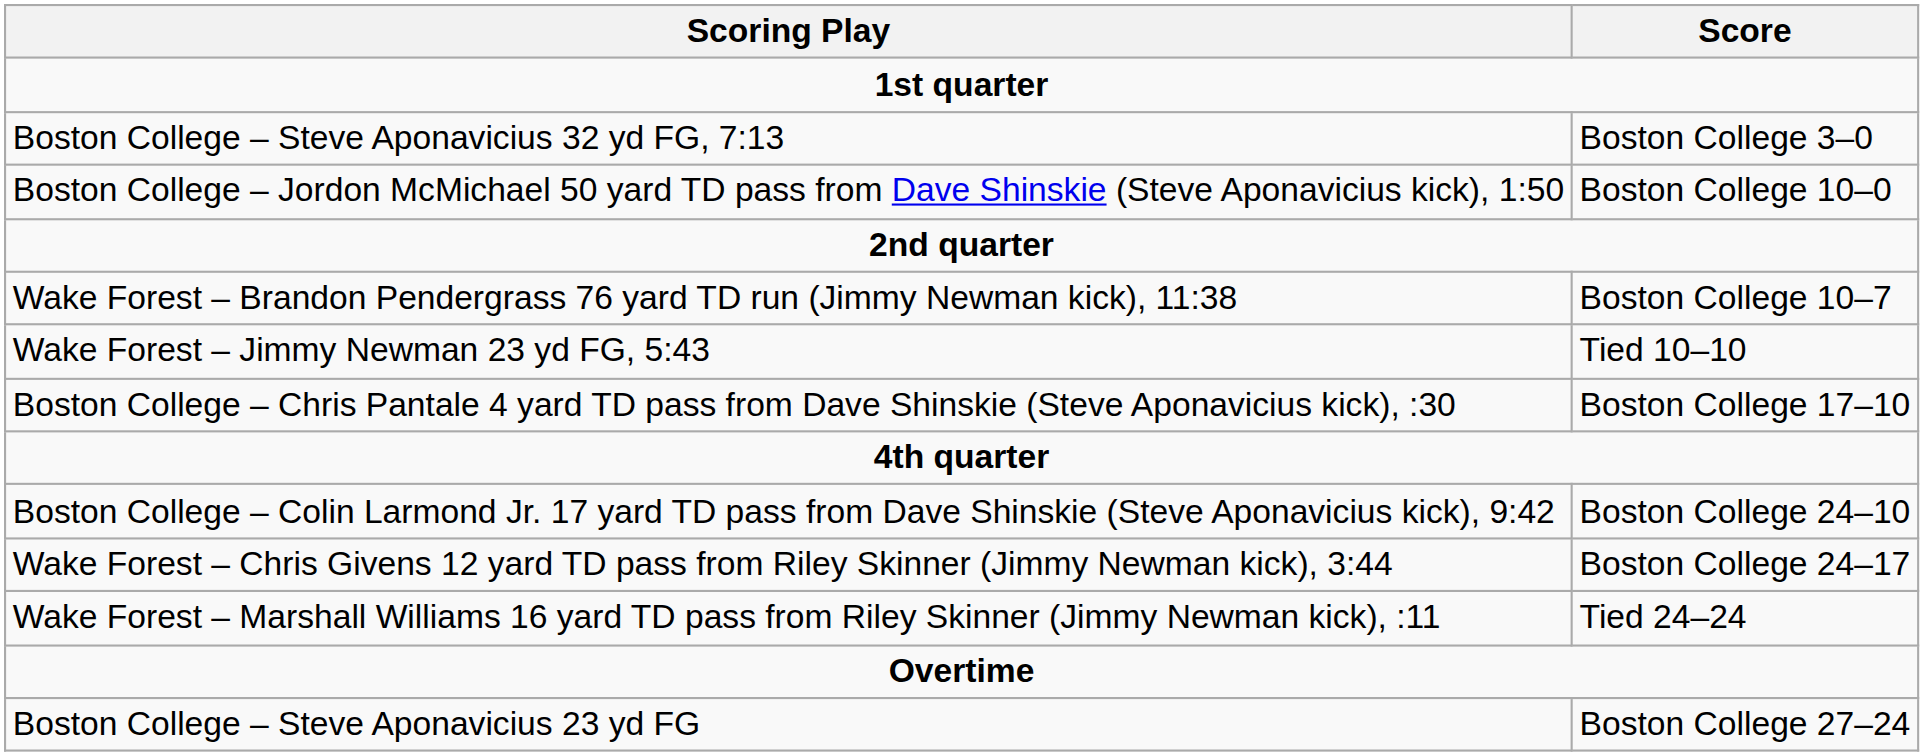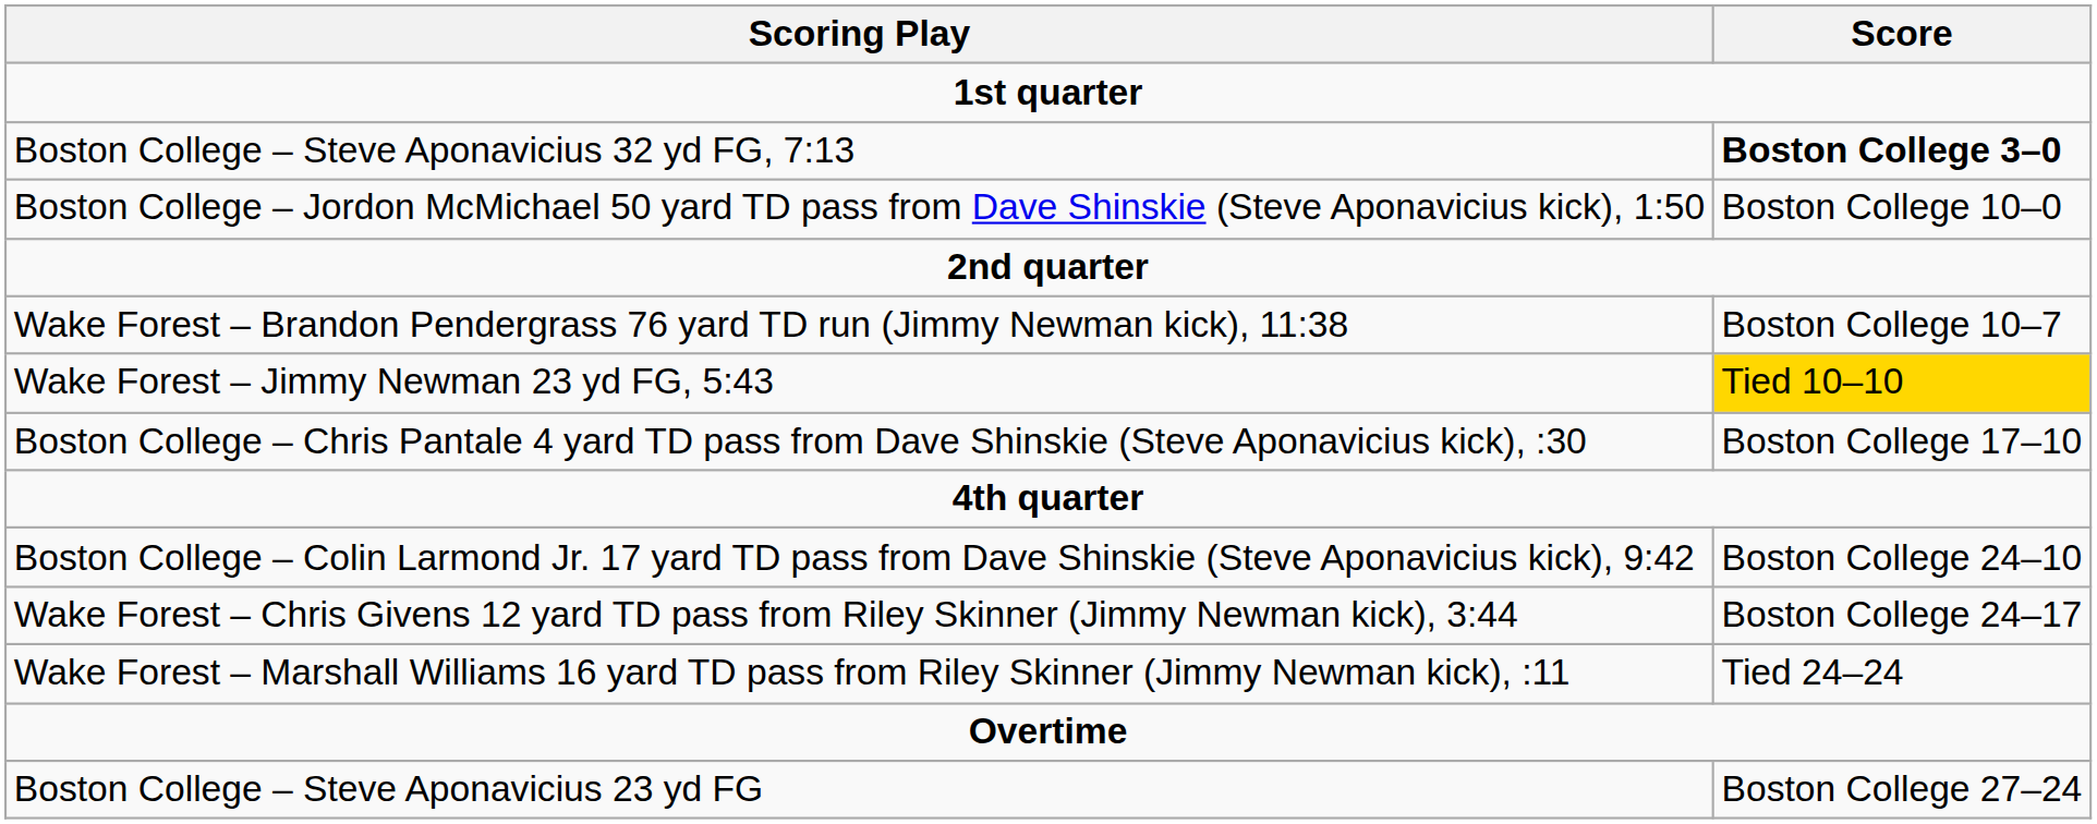 <table class="wikitable">
 <tr>
 <th>Scoring Play</th>
 <th>Score</th>
 </tr>
 <tr>
 <td colspan="4" align="center"><strong>1st quarter</strong></td>
 </tr>
 <tr>
 <td>Boston College – Steve Aponavicius 32 yd FG, 7:13</td>
-<td>Boston College 3–0</td>
+<td><strong>Boston College 3–0</strong></td>
 </tr>
 <tr>
 <td>Boston College – Jordon McMichael 50 yard TD pass from <a href='#'>Dave Shinskie</a> (Steve Aponavicius kick), 1:50</td>
 <td>Boston College 10–0</td>
 </tr>
 <tr>
 <td colspan="4" align="center"><strong>2nd quarter</strong></td>
 </tr>
 <tr>
 <td>Wake Forest – Brandon Pendergrass 76 yard TD run (Jimmy Newman kick), 11:38</td>
 <td>Boston College 10–7</td>
 </tr>
 <tr>
 <td>Wake Forest – Jimmy Newman 23 yd FG, 5:43</td>
-<td>Tied 10–10</td>
+<td style="background: gold;">Tied 10–10</td>
 </tr>
 <tr>
 <td>Boston College – Chris Pantale 4 yard TD pass from Dave Shinskie (Steve Aponavicius kick), :30</td>
 <td>Boston College 17–10</td>
 </tr>
 <tr>
 <td colspan="6" align="center"><strong>4th quarter</strong></td>
 </tr>
 <tr>
 <td>Boston College – Colin Larmond Jr. 17 yard TD pass from Dave Shinskie (Steve Aponavicius kick), 9:42</td>
 <td>Boston College 24–10</td>
 </tr>
 <tr>
 <td>Wake Forest – Chris Givens 12 yard TD pass from Riley Skinner (Jimmy Newman kick), 3:44</td>
 <td>Boston College 24–17</td>
 </tr>
 <tr>
 <td>Wake Forest – Marshall Williams 16 yard TD pass from Riley Skinner (Jimmy Newman kick), :11</td>
 <td>Tied 24–24</td>
 </tr>
 <tr>
 <td colspan="6" align="center"><strong>Overtime</strong></td>
 </tr>
 <tr>
 <td>Boston College – Steve Aponavicius 23 yd FG</td>
 <td>Boston College 27–24</td>
 </tr>
 </table>
